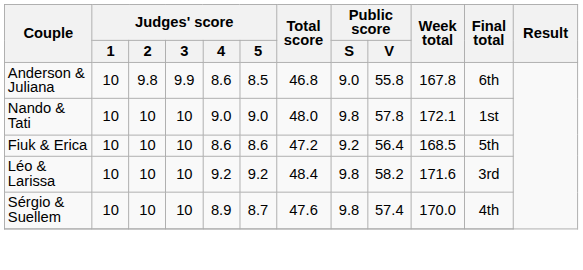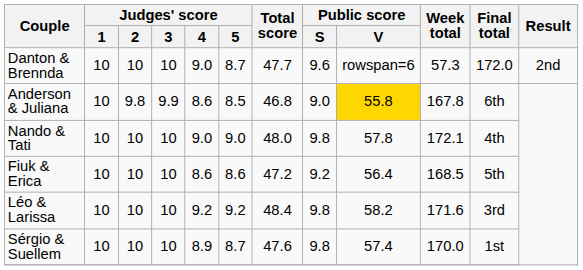 <table class="wikitable" style="font-size:100%; line-height:16px; text-align:center" width="100%">
 <tr>
 <th rowspan=2 width="11.0%">Couple</th>
 <th colspan=5 width="25.0%">Judges' score</th>
 <th rowspan=2 width="05.0%">Total score</th>
 <th colspan=2 width="10.0%">Public score</th>
 <th rowspan=2 width="05.0%">Week<br>total</th>
 <th rowspan=2 width="05.0%">Final<br>total</th>
 <th rowspan=2 width="07.5%">Result</th>
 </tr>
 <tr>
 <th width="05.0%">1</th>
 <th width="05.0%">2</th>
 <th width="05.0%">3</th>
 <th width="05.0%">4</th>
 <th width="05.0%">5</th>
 <th width="05.0%">S</th>
 <th width="05.0%">V</th>
 </tr>
 <tr>
+<td align="left">Danton & Brennda</td>
+<td>10</td>
+<td>10</td>
+<td>10</td>
+<td>9.0</td>
+<td>8.7</td>
+<td>47.7</td>
+<td>9.6</td>
+<td>rowspan=6 </td>
+<td>57.3</td>
+<td>172.0</td>
+<td>2nd</td>
+</tr>
+<tr>
 <td align="left">Anderson & Juliana</td>
 <td>10</td>
 <td>9.8</td>
 <td>9.9</td>
 <td>8.6</td>
 <td>8.5</td>
 <td>46.8</td>
 <td>9.0</td>
-<td>55.8</td>
+<td style="background: gold;">55.8</td>
 <td>167.8</td>
 <td>6th</td>
 </tr>
 <tr>
 <td align="left">Nando & Tati</td>
 <td>10</td>
 <td>10</td>
 <td>10</td>
 <td>9.0</td>
 <td>9.0</td>
 <td>48.0</td>
 <td>9.8</td>
 <td>57.8</td>
 <td>172.1</td>
-<td>1st</td>
+<td>4th</td>
 </tr>
 <tr>
 <td align="left">Fiuk & Erica</td>
 <td>10</td>
 <td>10</td>
 <td>10</td>
 <td>8.6</td>
 <td>8.6</td>
 <td>47.2</td>
 <td>9.2</td>
 <td>56.4</td>
 <td>168.5</td>
 <td>5th</td>
 </tr>
 <tr>
 <td align="left">Léo & Larissa</td>
 <td>10</td>
 <td>10</td>
 <td>10</td>
 <td>9.2</td>
 <td>9.2</td>
 <td>48.4</td>
 <td>9.8</td>
 <td>58.2</td>
 <td>171.6</td>
 <td>3rd</td>
 </tr>
 <tr>
 <td align="left">Sérgio & Suellem</td>
 <td>10</td>
 <td>10</td>
 <td>10</td>
 <td>8.9</td>
 <td>8.7</td>
 <td>47.6</td>
 <td>9.8</td>
 <td>57.4</td>
 <td>170.0</td>
-<td>4th</td>
+<td>1st</td>
 </tr>
 <tr>
 </tr>
 </table>
